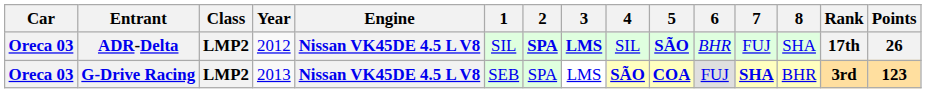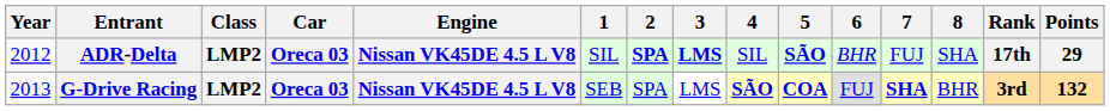 <table class="wikitable" style="text-align:center; font-size:85%">
 <tr>
-<th>Car</th>
+<th>Year</th>
 <th>Entrant</th>
 <th>Class</th>
-<th>Year</th>
+<th>Car</th>
 <th>Engine</th>
 <th>1</th>
 <th>2</th>
 <th>3</th>
 <th>4</th>
 <th>5</th>
 <th>6</th>
 <th>7</th>
 <th>8</th>
 <th>Rank</th>
 <th>Points</th>
 </tr>
 <tr>
-<th nowrap><a href='#'>Oreca 03</a></th>
+<td><a href='#'>2012</a></td>
 <th nowrap><a href='#'>ADR</a>-<a href='#'>Delta</a></th>
 <th>LMP2</th>
-<td><a href='#'>2012</a></td>
+<th nowrap><a href='#'>Oreca 03</a></th>
 <th nowrap><a href='#'>Nissan VK45DE 4.5 L V8</a></th>
 <td style="background:#DFFFDF"><a href='#'>SIL</a><br></td>
 <td style="background:#DFFFDF"><strong><a href='#'>SPA</a></strong><br></td>
 <td style="background:#DFFFDF"><strong><a href='#'>LMS</a></strong><br></td>
 <td style="background:#DFFFDF"><a href='#'>SIL</a><br></td>
 <td style="background:#DFFFDF"><strong><a href='#'>SÃO</a><br></strong></td>
 <td style="background:#DFFFDF"><em><a href='#'>BHR</a></em><br></td>
 <td style="background:#DFFFDF"><a href='#'>FUJ</a><br></td>
 <td style="background:#DFFFDF"><a href='#'>SHA</a><br></td>
 <th>17th</th>
-<th>26</th>
+<th>29</th>
 </tr>
 <tr>
-<th nowrap><a href='#'>Oreca 03</a></th>
+<td><a href='#'>2013</a></td>
 <th nowrap><a href='#'>G-Drive Racing</a></th>
 <th>LMP2</th>
-<td><a href='#'>2013</a></td>
+<th nowrap><a href='#'>Oreca 03</a></th>
 <th nowrap><a href='#'>Nissan VK45DE 4.5 L V8</a></th>
 <td style="background:#DFFFDF"><a href='#'>SEB</a><br></td>
 <td style="background:#DFFFDF"><a href='#'>SPA</a><br></td>
 <td style="background:#FFFFFF"><a href='#'>LMS</a><br></td>
 <td style="background:#FFFFBF"><strong><a href='#'>SÃO</a></strong><br></td>
 <td style="background:#FFFFBF"><strong><a href='#'>COA</a></strong><br></td>
 <td style="background:#DFDFDF"><a href='#'>FUJ</a><br></td>
 <td style="background:#FFFFBF"><strong><a href='#'>SHA</a></strong><br></td>
 <td style="background:#FFFFBF"><a href='#'>BHR</a><br></td>
 <th style="background:#FFDF9F">3rd</th>
-<th style="background:#FFDF9F">123</th>
+<th style="background:#FFDF9F">132</th>
 </tr>
 </table>
